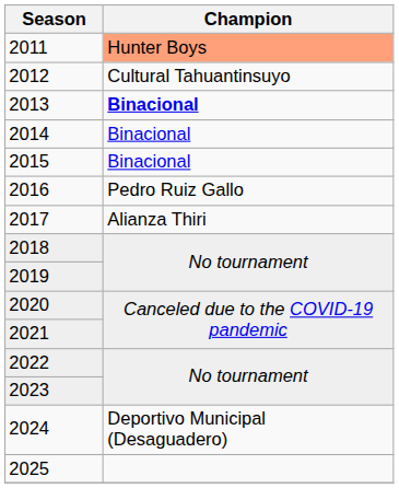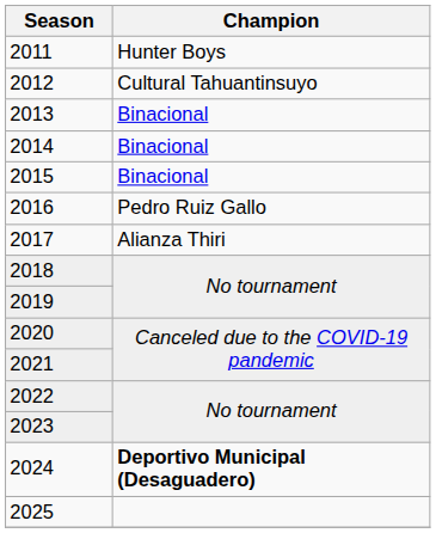 <table class="wikitable sortable">
 <tr>
 <th width=80px>Season</th>
 <th width=250px>Champion</th>
 </tr>
 <tr>
 <td>2011</td>
-<td style="background: lightsalmon;">Hunter Boys</td>
+<td>Hunter Boys</td>
 </tr>
 <tr>
 <td>2012</td>
 <td>Cultural Tahuantinsuyo</td>
 </tr>
 <tr>
 <td>2013</td>
-<td><strong><a href='#'>Binacional</a></strong></td>
+<td><a href='#'>Binacional</a></td>
 </tr>
 <tr>
 <td>2014</td>
 <td><a href='#'>Binacional</a></td>
 </tr>
 <tr>
 <td>2015</td>
 <td><a href='#'>Binacional</a></td>
 </tr>
 <tr>
 <td>2016</td>
 <td>Pedro Ruiz Gallo</td>
 </tr>
 <tr>
 <td>2017</td>
 <td>Alianza Thiri</td>
 </tr>
 <tr bgcolor=#efefef>
 <td>2018</td>
 <td rowspan=2 colspan="1" align=center><em>No tournament</em></td>
 </tr>
 <tr bgcolor=#efefef>
 <td>2019</td>
 </tr>
 <tr bgcolor=#efefef>
 <td>2020</td>
 <td rowspan=2 colspan="2" align=center><em>Canceled due to the <a href='#'>COVID-19 pandemic</a></em></td>
 </tr>
 <tr bgcolor=#efefef>
 <td>2021</td>
 </tr>
 <tr bgcolor=#efefef>
 <td>2022</td>
 <td rowspan=2 colspan="1" align=center><em>No tournament</em></td>
 </tr>
 <tr bgcolor=#efefef>
 <td>2023</td>
 </tr>
 <tr>
 <td>2024</td>
-<td>Deportivo Municipal (Desaguadero)</td>
+<td><strong>Deportivo Municipal (Desaguadero)</strong></td>
 </tr>
 <tr>
 <td>2025</td>
 <td></td>
 </tr>
 <tr>
 </tr>
 </table>
